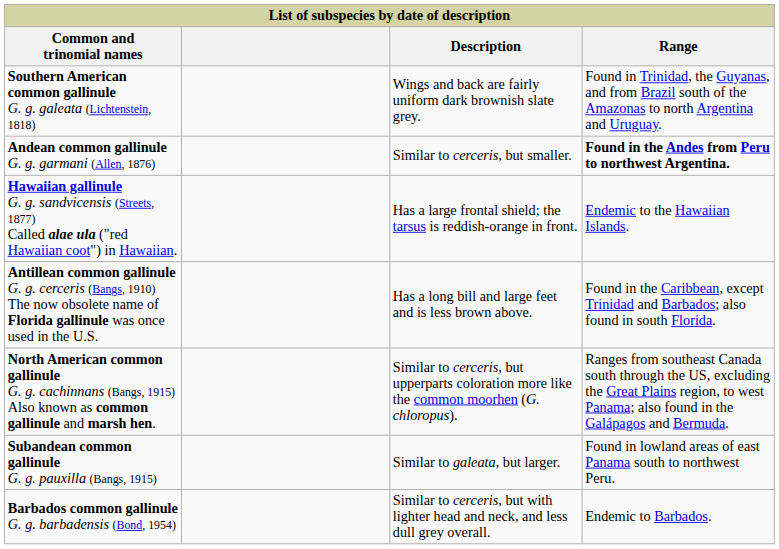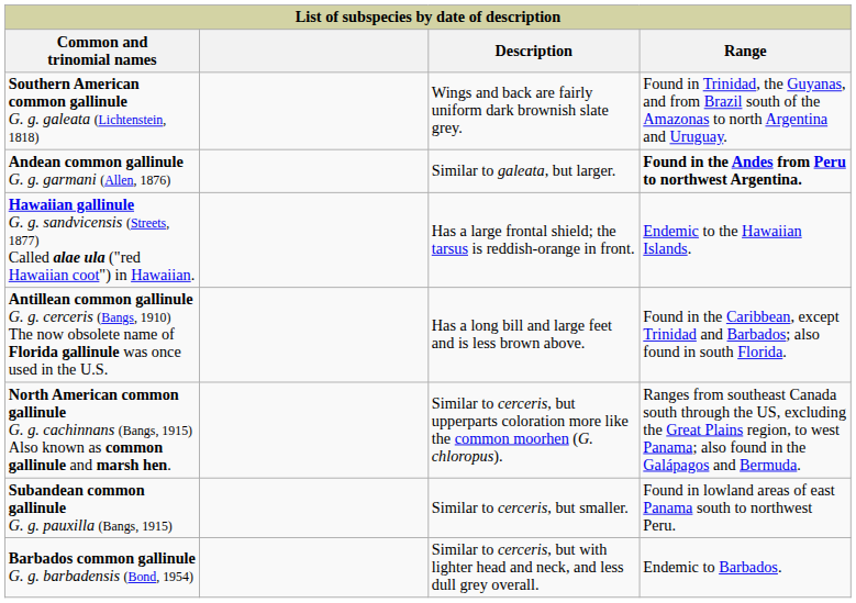 <table style="width:98%;" class="wikitable">
 <tr>
 <th style="text-align:center; background:#d3d3a4;" colspan="4"><strong>List of subspecies by date of description</strong></th>
 </tr>
 <tr>
 <th style="width:23%; text-align:center;">Common and<br>trinomial names</th>
 <th></th>
 <th style="width:25%; text-align:center;">Description</th>
 <th style="width:25%; text-align:center;">Range</th>
 </tr>
 <tr>
 <td><strong>Southern American common gallinule</strong><br><em>G. g. galeata</em> <small>(<a href='#'>Lichtenstein</a>, 1818)</small></td>
 <td></td>
 <td>Wings and back are fairly uniform dark brownish slate grey.</td>
 <td>Found in <a href='#'>Trinidad</a>, the <a href='#'>Guyanas</a>, and from <a href='#'>Brazil</a> south of the <a href='#'>Amazonas</a> to north <a href='#'>Argentina</a> and <a href='#'>Uruguay</a>.</td>
 </tr>
 <tr>
 <td><strong>Andean common gallinule</strong><br><em>G. g. garmani</em> <small>(<a href='#'>Allen</a>, 1876)</small></td>
 <td></td>
-<td>Similar to <em>cerceris</em>, but smaller.</td>
+<td>Similar to <em>galeata</em>, but larger.</td>
 <td><strong>Found in the <a href='#'>Andes</a> from <a href='#'>Peru</a> to northwest Argentina.</strong></td>
 </tr>
 <tr>
 <td><strong><a href='#'>Hawaiian gallinule</a></strong><br><em>G. g. sandvicensis</em> <small>(<a href='#'>Streets</a>, 1877)</small><br>Called <strong><em>alae ula</em></strong> ("red <a href='#'>Hawaiian coot</a>") in <a href='#'>Hawaiian</a>.</td>
 <td></td>
 <td>Has a large frontal shield; the <a href='#'>tarsus</a> is reddish-orange in front.</td>
 <td><a href='#'>Endemic</a> to the <a href='#'>Hawaiian Islands</a>.</td>
 </tr>
 <tr>
 <td><strong>Antillean common gallinule</strong><br><em>G. g. cerceris</em> <small>(<a href='#'>Bangs</a>, 1910)</small><br>The now obsolete name of <strong>Florida gallinule</strong> was once used in the U.S.</td>
 <td></td>
 <td>Has a long bill and large feet and is less brown above.</td>
 <td>Found in the <a href='#'>Caribbean</a>, except <a href='#'>Trinidad</a> and <a href='#'>Barbados</a>; also found in south <a href='#'>Florida</a>.</td>
 </tr>
 <tr>
 <td><strong>North American common gallinule</strong><br><em>G. g. cachinnans</em> <small>(Bangs, 1915)</small><br>Also known as <strong>common gallinule</strong> and <strong>marsh hen</strong>.</td>
 <td></td>
 <td>Similar to <em>cerceris</em>, but upperparts coloration more like the <a href='#'>common moorhen</a> (<em>G. chloropus</em>).</td>
 <td>Ranges from southeast Canada south through the US, excluding the <a href='#'>Great Plains</a> region, to west <a href='#'>Panama</a>; also found in the <a href='#'>Galápagos</a> and <a href='#'>Bermuda</a>.</td>
 </tr>
 <tr>
 <td><strong>Subandean common gallinule</strong><br><em>G. g. pauxilla</em> <small>(Bangs, 1915)</small></td>
 <td></td>
-<td>Similar to <em>galeata</em>, but larger.</td>
+<td>Similar to <em>cerceris</em>, but smaller.</td>
 <td>Found in lowland areas of east <a href='#'>Panama</a> south to northwest Peru.</td>
 </tr>
 <tr>
 <td><strong>Barbados common gallinule</strong><br><em>G. g. barbadensis</em> <small>(<a href='#'>Bond</a>, 1954)</small></td>
 <td></td>
 <td>Similar to <em>cerceris</em>, but with lighter head and neck, and less dull grey overall.</td>
 <td>Endemic to <a href='#'>Barbados</a>.</td>
 </tr>
 </table>
